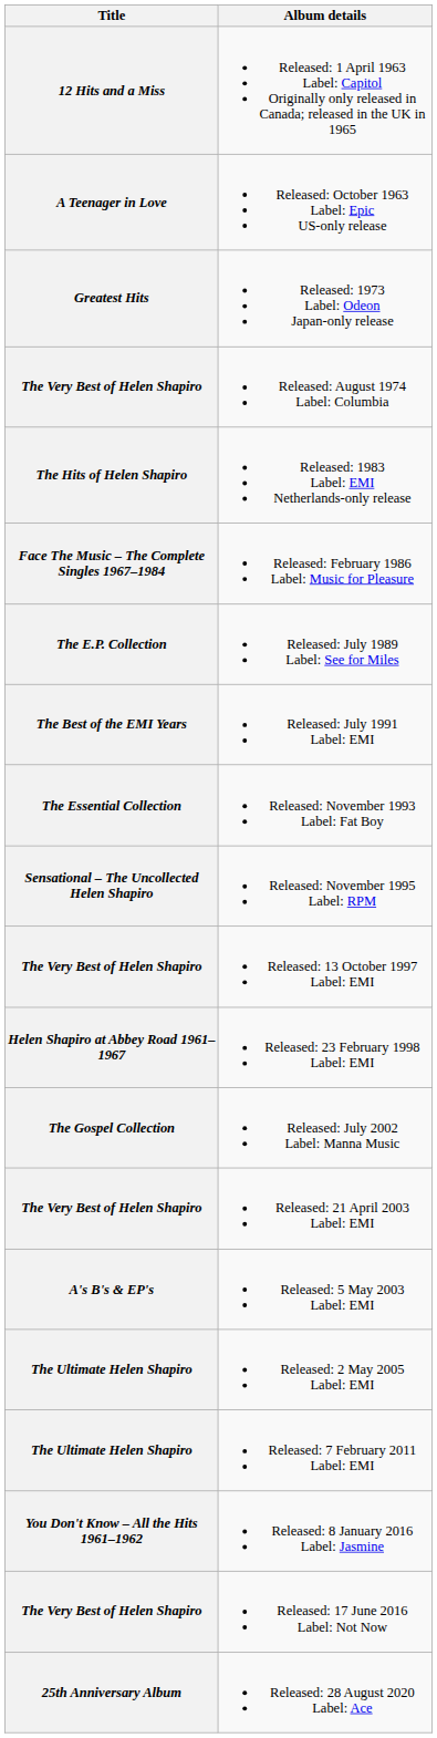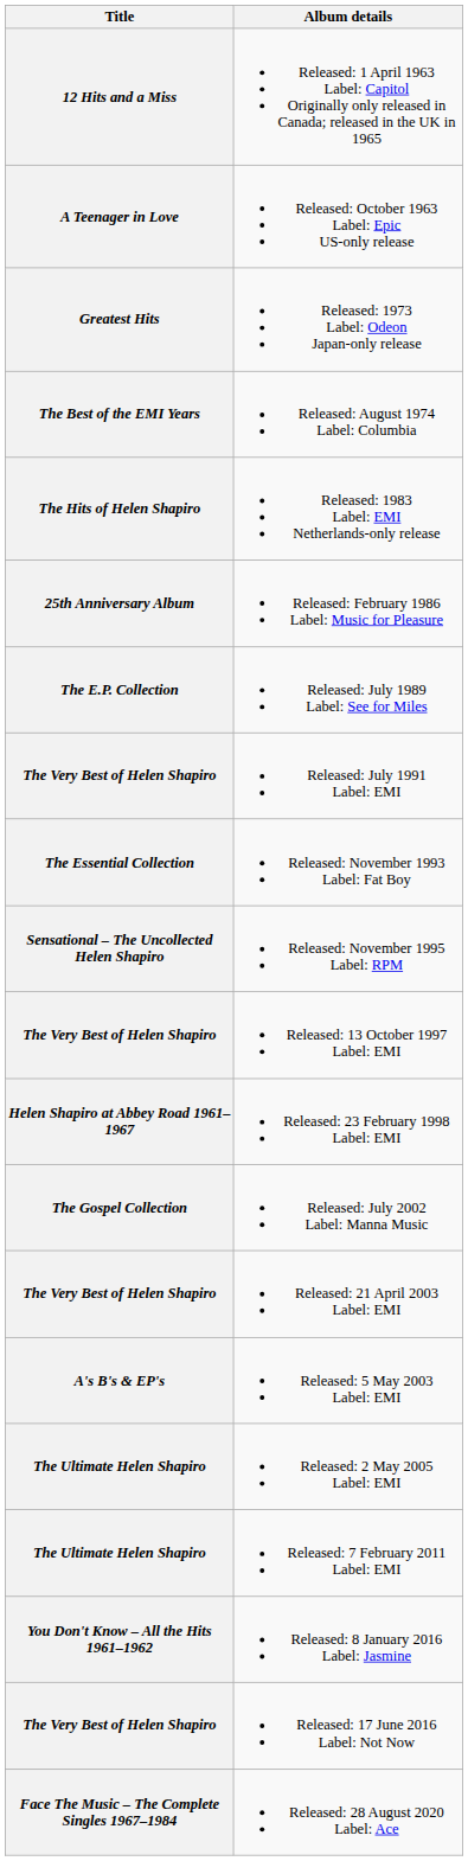 <table class="wikitable plainrowheaders" style="text-align:center;">
 <tr>
 <th scope="col" style="width:15em;">Title</th>
 <th scope="col" style="width:15em;">Album details</th>
 </tr>
 <tr>
 <th scope="row"><em>12 Hits and a Miss</em></th>
 <td><br><ul><li>Released: 1 April 1963</li><li>Label: <a href='#'>Capitol</a></li><li>Originally only released in Canada; released in the UK in 1965</li></ul></td>
 </tr>
 <tr>
 <th scope="row"><em>A Teenager in Love</em></th>
 <td><br><ul><li>Released: October 1963</li><li>Label: <a href='#'>Epic</a></li><li>US-only release</li></ul></td>
 </tr>
 <tr>
 <th scope="row"><em>Greatest Hits</em></th>
 <td><br><ul><li>Released: 1973</li><li>Label: <a href='#'>Odeon</a></li><li>Japan-only release</li></ul></td>
 </tr>
 <tr>
-<th scope="row"><em>The Very Best of Helen Shapiro</em></th>
+<th scope="row"><em>The Best of the EMI Years</em></th>
 <td><br><ul><li>Released: August 1974</li><li>Label: Columbia</li></ul></td>
 </tr>
 <tr>
 <th scope="row"><em>The Hits of Helen Shapiro</em></th>
 <td><br><ul><li>Released: 1983</li><li>Label: <a href='#'>EMI</a></li><li>Netherlands-only release</li></ul></td>
 </tr>
 <tr>
-<th scope="row"><em>Face The Music – The Complete Singles 1967–1984</em></th>
+<th scope="row"><em>25th Anniversary Album</em></th>
 <td><br><ul><li>Released: February 1986</li><li>Label: <a href='#'>Music for Pleasure</a></li></ul></td>
 </tr>
 <tr>
 <th scope="row"><em>The E.P. Collection</em></th>
 <td><br><ul><li>Released: July 1989</li><li>Label: <a href='#'>See for Miles</a></li></ul></td>
 </tr>
 <tr>
-<th scope="row"><em>The Best of the EMI Years</em></th>
+<th scope="row"><em>The Very Best of Helen Shapiro</em></th>
 <td><br><ul><li>Released: July 1991</li><li>Label: EMI</li></ul></td>
 </tr>
 <tr>
 <th scope="row"><em>The Essential Collection</em></th>
 <td><br><ul><li>Released: November 1993</li><li>Label: Fat Boy</li></ul></td>
 </tr>
 <tr>
 <th scope="row"><em>Sensational – The Uncollected Helen Shapiro</em></th>
 <td><br><ul><li>Released: November 1995</li><li>Label: <a href='#'>RPM</a></li></ul></td>
 </tr>
 <tr>
 <th scope="row"><em>The Very Best of Helen Shapiro</em></th>
 <td><br><ul><li>Released: 13 October 1997</li><li>Label: EMI</li></ul></td>
 </tr>
 <tr>
 <th scope="row"><em>Helen Shapiro at Abbey Road 1961–1967</em></th>
 <td><br><ul><li>Released: 23 February 1998</li><li>Label: EMI</li></ul></td>
 </tr>
 <tr>
 <th scope="row"><em>The Gospel Collection</em></th>
 <td><br><ul><li>Released: July 2002</li><li>Label: Manna Music</li></ul></td>
 </tr>
 <tr>
 <th scope="row"><em>The Very Best of Helen Shapiro</em></th>
 <td><br><ul><li>Released: 21 April 2003</li><li>Label: EMI</li></ul></td>
 </tr>
 <tr>
 <th scope="row"><em>A's B's & EP's</em></th>
 <td><br><ul><li>Released: 5 May 2003</li><li>Label: EMI</li></ul></td>
 </tr>
 <tr>
 <th scope="row"><em>The Ultimate Helen Shapiro</em></th>
 <td><br><ul><li>Released: 2 May 2005</li><li>Label: EMI</li></ul></td>
 </tr>
 <tr>
 <th scope="row"><em>The Ultimate Helen Shapiro</em></th>
 <td><br><ul><li>Released: 7 February 2011</li><li>Label: EMI</li></ul></td>
 </tr>
 <tr>
 <th scope="row"><em>You Don't Know – All the Hits 1961–1962</em></th>
 <td><br><ul><li>Released: 8 January 2016</li><li>Label: <a href='#'>Jasmine</a></li></ul></td>
 </tr>
 <tr>
 <th scope="row"><em>The Very Best of Helen Shapiro</em></th>
 <td><br><ul><li>Released: 17 June 2016</li><li>Label: Not Now</li></ul></td>
 </tr>
 <tr>
-<th scope="row"><em>25th Anniversary Album</em></th>
+<th scope="row"><em>Face The Music – The Complete Singles 1967–1984</em></th>
 <td><br><ul><li>Released: 28 August 2020</li><li>Label: <a href='#'>Ace</a></li></ul></td>
 </tr>
 </table>
